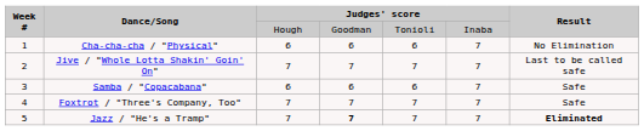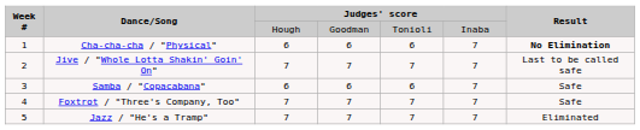 <table class="wikitable" style="float:left;">
 <tr style="text-align:Center; background:#ccc;">
 <td rowspan="2"><strong>Week #</strong></td>
 <td rowspan="2"><strong>Dance/Song</strong></td>
 <td colspan="4"><strong>Judges' score</strong></td>
 <td rowspan="2"><strong>Result</strong></td>
 </tr>
 <tr style="text-align:center; background:#ccc;">
 <td style="width:10%; ">Hough</td>
 <td style="width:10%; ">Goodman</td>
 <td style="width:10%; ">Tonioli</td>
 <td style="width:10%; ">Inaba</td>
 </tr>
 <tr>
 <td style="text-align:center; background:#faf6f6;">1</td>
 <td style="text-align:center; background:#faf6f6;"><a href='#'>Cha-cha-cha</a> / "<a href='#'>Physical</a>"</td>
 <td style="text-align:center; background:#faf6f6;">6</td>
 <td style="text-align:center; background:#faf6f6;">6</td>
 <td style="text-align:center; background:#faf6f6;">6</td>
 <td style="text-align:center; background:#faf6f6;">7</td>
-<td style="text-align:center; background:#faf6f6;">No Elimination</td>
+<td style="text-align:center; background:#faf6f6;"><strong>No Elimination</strong></td>
 </tr>
 <tr>
 <td style="text-align:center; background:#faf6f6;">2</td>
 <td style="text-align:center; background:#faf6f6;"><a href='#'>Jive</a> / "<a href='#'>Whole Lotta Shakin' Goin' On</a>"</td>
 <td style="text-align:center; background:#faf6f6;">7</td>
 <td style="text-align:center; background:#faf6f6;">7</td>
 <td style="text-align:center; background:#faf6f6;">7</td>
 <td style="text-align:center; background:#faf6f6;">7</td>
 <td style="text-align:center; background:#faf6f6;">Last to be called safe</td>
 </tr>
 <tr>
 <td style="text-align:center; background:#faf6f6;">3</td>
 <td style="text-align:center; background:#faf6f6;"><a href='#'>Samba</a> / "<a href='#'>Copacabana</a>"</td>
 <td style="text-align:center; background:#faf6f6;">6</td>
 <td style="text-align:center; background:#faf6f6;">6</td>
 <td style="text-align:center; background:#faf6f6;">6</td>
 <td style="text-align:center; background:#faf6f6;">7</td>
 <td style="text-align:center; background:#faf6f6;">Safe</td>
 </tr>
 <tr>
 <td style="text-align:center; background:#faf6f6;">4</td>
 <td style="text-align:center; background:#faf6f6;"><a href='#'>Foxtrot</a> / "Three's Company, Too"</td>
 <td style="text-align:center; background:#faf6f6;">7</td>
 <td style="text-align:center; background:#faf6f6;">7</td>
 <td style="text-align:center; background:#faf6f6;">7</td>
 <td style="text-align:center; background:#faf6f6;">7</td>
 <td style="text-align:center; background:#faf6f6;">Safe</td>
 </tr>
 <tr>
 <td style="text-align:center; background:#faf6f6;">5</td>
 <td style="text-align:center; background:#faf6f6;"><a href='#'>Jazz</a> / "He's a Tramp"</td>
 <td style="text-align:center; background:#faf6f6;">7</td>
-<td style="text-align:center; background:#faf6f6;"><strong>7</strong></td>
 <td style="text-align:center; background:#faf6f6;">7</td>
 <td style="text-align:center; background:#faf6f6;">7</td>
-<td style="text-align:center; background:#faf6f6;"><strong>Eliminated</strong></td>
+<td style="text-align:center; background:#faf6f6;">7</td>
+<td style="text-align:center; background:#faf6f6;">Eliminated</td>
 </tr>
 </table>
